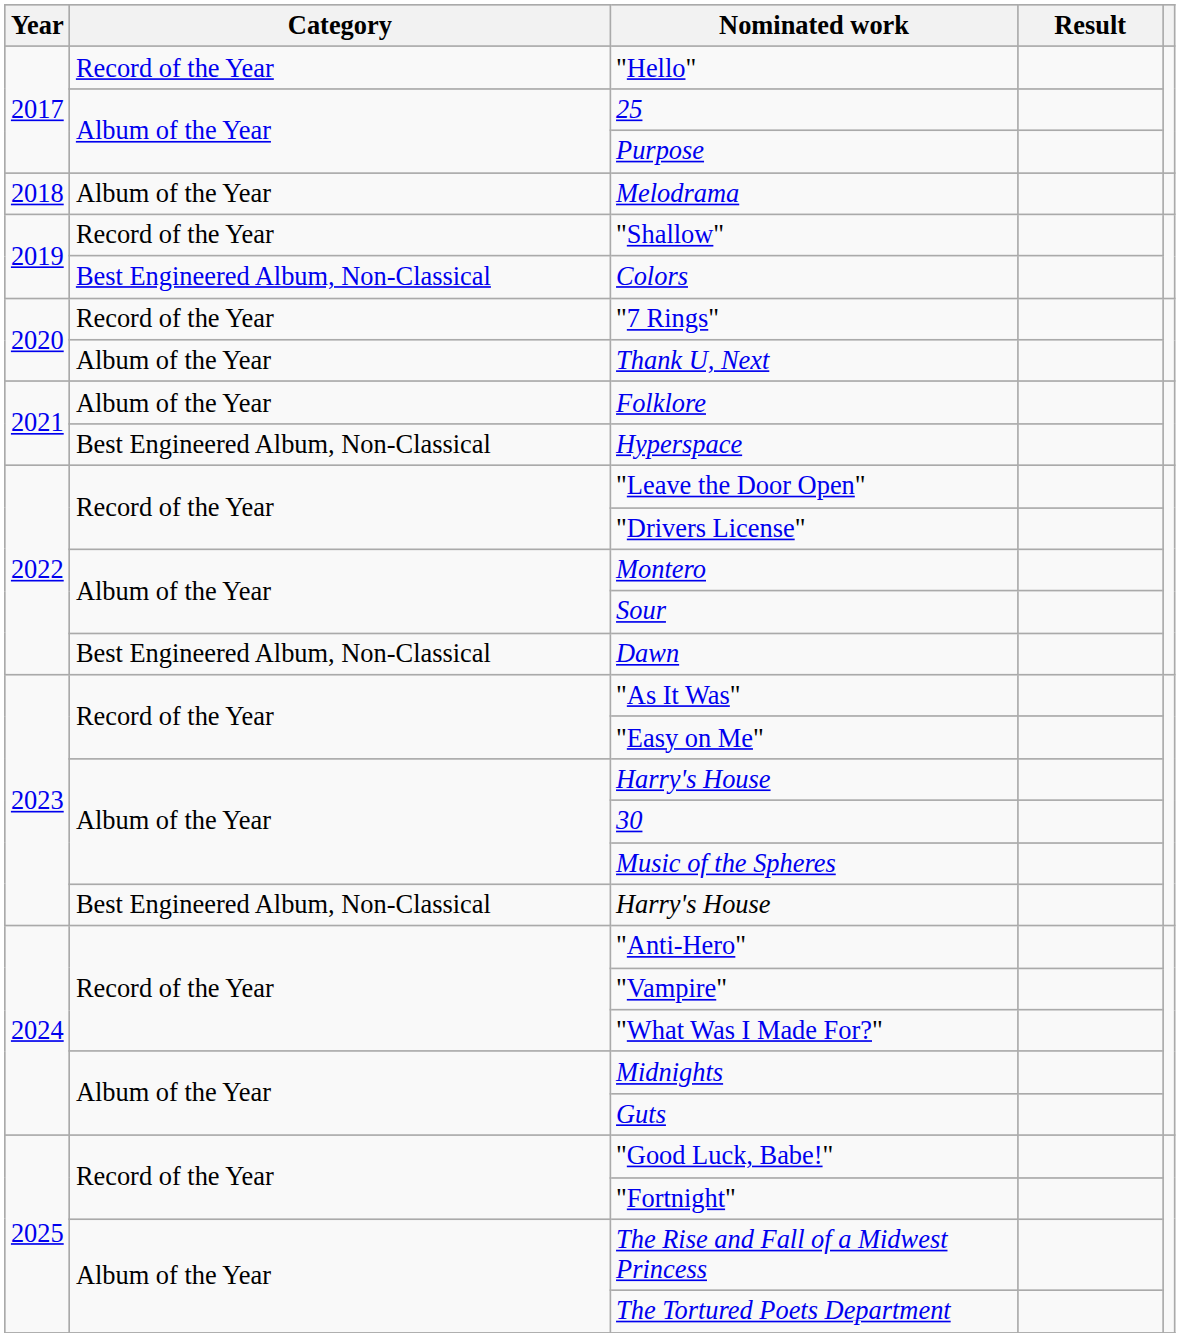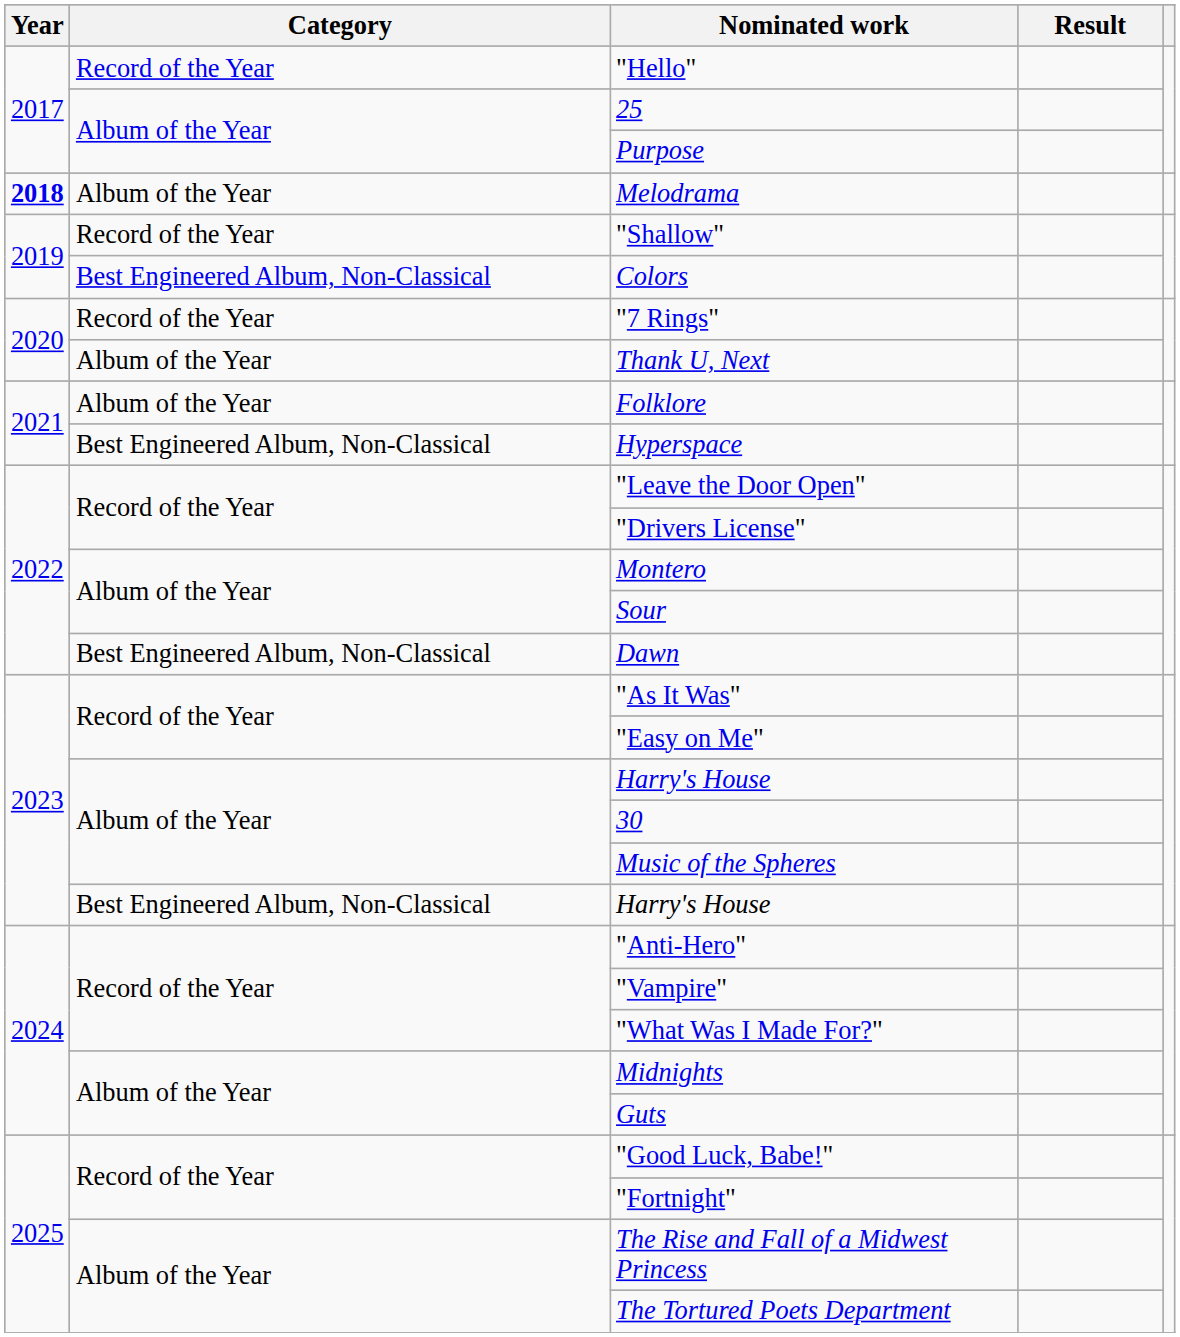 <table class="wikitable sortable plainrowheaders">
 <tr>
 <th scope="col">Year</th>
 <th scope="col" style="width:20em;">Category</th>
 <th scope="col" style="width:15em;">Nominated work</th>
 <th scope="col" style="width:5em;">Result</th>
 <th scope="col" class="unsortable"></th>
 </tr>
 <tr>
 <td rowspan="3" style="text-align:center;"><a href='#'>2017</a></td>
 <td><a href='#'>Record of the Year</a></td>
 <td>"<a href='#'>Hello</a>"</td>
 <td></td>
 <td rowspan="3" style="text-align:center;"></td>
 </tr>
 <tr>
 <td rowspan="2"><a href='#'>Album of the Year</a></td>
 <td><em><a href='#'>25</a></em></td>
 <td></td>
 </tr>
 <tr>
 <td><em><a href='#'>Purpose</a></em></td>
 <td></td>
 </tr>
 <tr>
-<td style="text-align:center;"><a href='#'>2018</a></td>
+<td style="text-align:center;"><strong><a href='#'>2018</a></strong></td>
 <td>Album of the Year</td>
 <td><em><a href='#'>Melodrama</a></em></td>
 <td></td>
 <td style="text-align:center;"></td>
 </tr>
 <tr>
 <td rowspan="2" style="text-align:center;"><a href='#'>2019</a></td>
 <td>Record of the Year</td>
 <td>"<a href='#'>Shallow</a>"</td>
 <td></td>
 <td rowspan="2" style="text-align:center;"></td>
 </tr>
 <tr>
 <td><a href='#'>Best Engineered Album, Non-Classical</a></td>
 <td><em><a href='#'>Colors</a></em></td>
 <td></td>
 </tr>
 <tr>
 <td rowspan="2" style="text-align:center;"><a href='#'>2020</a></td>
 <td>Record of the Year</td>
 <td>"<a href='#'>7 Rings</a>"</td>
 <td></td>
 <td rowspan="2" style="text-align:center;"></td>
 </tr>
 <tr>
 <td>Album of the Year</td>
 <td><em><a href='#'>Thank U, Next</a></em></td>
 <td></td>
 </tr>
 <tr>
 <td rowspan="2" style="text-align:center;"><a href='#'>2021</a></td>
 <td>Album of the Year</td>
 <td><em><a href='#'>Folklore</a></em></td>
 <td></td>
 <td rowspan="2" style="text-align:center;"></td>
 </tr>
 <tr>
 <td>Best Engineered Album, Non-Classical</td>
 <td><em><a href='#'>Hyperspace</a></em></td>
 <td></td>
 </tr>
 <tr>
 <td rowspan="5" style="text-align:center;"><a href='#'>2022</a></td>
 <td rowspan=2>Record of the Year</td>
 <td>"<a href='#'>Leave the Door Open</a>"</td>
 <td></td>
 <td rowspan="5" style="text-align:center;"></td>
 </tr>
 <tr>
 <td>"<a href='#'>Drivers License</a>"</td>
 <td></td>
 </tr>
 <tr>
 <td rowspan="2">Album of the Year</td>
 <td><em><a href='#'>Montero</a></em></td>
 <td></td>
 </tr>
 <tr>
 <td><em><a href='#'>Sour</a></em></td>
 <td></td>
 </tr>
 <tr>
 <td>Best Engineered Album, Non-Classical</td>
 <td><em><a href='#'>Dawn</a></em></td>
 <td></td>
 </tr>
 <tr>
 <td rowspan="6" style="text-align:center;"><a href='#'>2023</a></td>
 <td rowspan=2>Record of the Year</td>
 <td>"<a href='#'>As It Was</a>"</td>
 <td></td>
 <td rowspan="6" style="text-align:center;"></td>
 </tr>
 <tr>
 <td>"<a href='#'>Easy on Me</a>"</td>
 <td></td>
 </tr>
 <tr>
 <td rowspan="3">Album of the Year</td>
 <td><em><a href='#'>Harry's House</a></em></td>
 <td></td>
 </tr>
 <tr>
 <td><em><a href='#'>30</a></em></td>
 <td></td>
 </tr>
 <tr>
 <td><em><a href='#'>Music of the Spheres</a></em></td>
 <td></td>
 </tr>
 <tr>
 <td>Best Engineered Album, Non-Classical</td>
 <td><em>Harry's House</em></td>
 <td></td>
 </tr>
 <tr>
 <td rowspan="5" style="text-align:center;"><a href='#'>2024</a></td>
 <td rowspan="3">Record of the Year</td>
 <td>"<a href='#'>Anti-Hero</a>"</td>
 <td></td>
 <td rowspan="5" style="text-align:center;"></td>
 </tr>
 <tr>
 <td>"<a href='#'>Vampire</a>"</td>
 <td></td>
 </tr>
 <tr>
 <td>"<a href='#'>What Was I Made For?</a>"</td>
 <td></td>
 </tr>
 <tr>
 <td rowspan="2">Album of the Year</td>
 <td><em><a href='#'>Midnights</a></em></td>
 <td></td>
 </tr>
 <tr>
 <td><em><a href='#'>Guts</a></em></td>
 <td></td>
 </tr>
 <tr>
 <td rowspan="4" style="text-align:center;"><a href='#'>2025</a></td>
 <td rowspan="2">Record of the Year</td>
 <td>"<a href='#'>Good Luck, Babe!</a>"</td>
 <td></td>
 <td rowspan="4" style="text-align:center;"></td>
 </tr>
 <tr>
 <td>"<a href='#'>Fortnight</a>"</td>
 <td></td>
 </tr>
 <tr>
 <td rowspan="2">Album of the Year</td>
 <td><em><a href='#'>The Rise and Fall of a Midwest Princess</a></em></td>
 <td></td>
 </tr>
 <tr>
 <td><em><a href='#'>The Tortured Poets Department</a></em></td>
 <td></td>
 </tr>
 <tr>
 </tr>
 </table>
